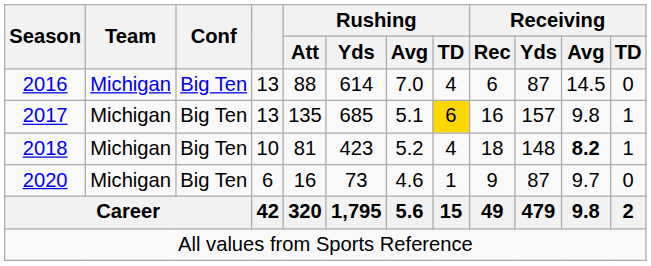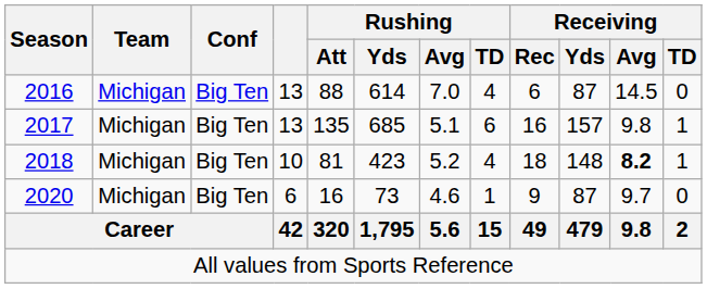 <table class="wikitable" style="text-align:center;">
 <tr>
 <th rowspan="2">Season</th>
 <th rowspan="2">Team</th>
 <th rowspan="2">Conf</th>
 <th rowspan="2"></th>
 <th colspan="4">Rushing</th>
 <th colspan="4">Receiving</th>
 </tr>
 <tr>
 <th>Att</th>
 <th>Yds</th>
 <th>Avg</th>
 <th>TD</th>
 <th>Rec</th>
 <th>Yds</th>
 <th>Avg</th>
 <th>TD</th>
 </tr>
 <tr>
 <td><a href='#'>2016</a></td>
 <td><a href='#'>Michigan</a></td>
 <td><a href='#'>Big Ten</a></td>
 <td>13</td>
 <td>88</td>
 <td>614</td>
 <td>7.0</td>
 <td>4</td>
 <td>6</td>
 <td>87</td>
 <td>14.5</td>
 <td>0</td>
 </tr>
 <tr>
 <td><a href='#'>2017</a></td>
 <td>Michigan</td>
 <td>Big Ten</td>
 <td>13</td>
 <td>135</td>
 <td>685</td>
 <td>5.1</td>
-<td style="background: gold;">6</td>
+<td>6</td>
 <td>16</td>
 <td>157</td>
 <td>9.8</td>
 <td>1</td>
 </tr>
 <tr>
 <td><a href='#'>2018</a></td>
 <td>Michigan</td>
 <td>Big Ten</td>
 <td>10</td>
 <td>81</td>
 <td>423</td>
 <td>5.2</td>
 <td>4</td>
 <td>18</td>
 <td>148</td>
 <td><strong>8.2</strong></td>
 <td>1</td>
 </tr>
 <tr>
 <td><a href='#'>2020</a></td>
 <td>Michigan</td>
 <td>Big Ten</td>
 <td>6</td>
 <td>16</td>
 <td>73</td>
 <td>4.6</td>
 <td>1</td>
 <td>9</td>
 <td>87</td>
 <td>9.7</td>
 <td>0</td>
 </tr>
 <tr>
 <th colspan="3">Career</th>
 <th>42</th>
 <th>320</th>
 <th>1,795</th>
 <th>5.6</th>
 <th>15</th>
 <th>49</th>
 <th>479</th>
 <th>9.8</th>
 <th>2</th>
 </tr>
 <tr>
 <td colspan="12">All values from Sports Reference</td>
 </tr>
 </table>
